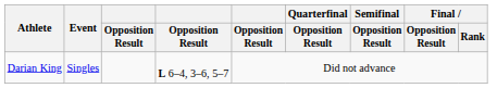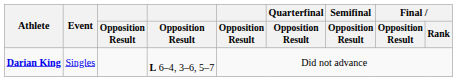 <table class=wikitable style=font-size:90%;text-align:center>
 <tr>
 <th rowspan=2>Athlete</th>
 <th rowspan=2>Event</th>
 <th></th>
 <th></th>
 <th></th>
 <th>Quarterfinal</th>
 <th>Semifinal</th>
 <th colspan=2>Final / </th>
 </tr>
 <tr style=font-size:95%>
 <th>Opposition<br>Result</th>
 <th>Opposition<br>Result</th>
 <th>Opposition<br>Result</th>
 <th>Opposition<br>Result</th>
 <th>Opposition<br>Result</th>
 <th>Opposition<br>Result</th>
 <th>Rank</th>
 </tr>
 <tr>
-<td align=left><a href='#'>Darian King</a></td>
+<td align=left><strong><a href='#'>Darian King</a></strong></td>
 <td align=left rowspan=3><a href='#'>Singles</a></td>
 <td></td>
 <td><br><strong>L</strong> 6–4, 3–6, 5–7</td>
 <td colspan="5">Did not advance</td>
 </tr>
 </table>
